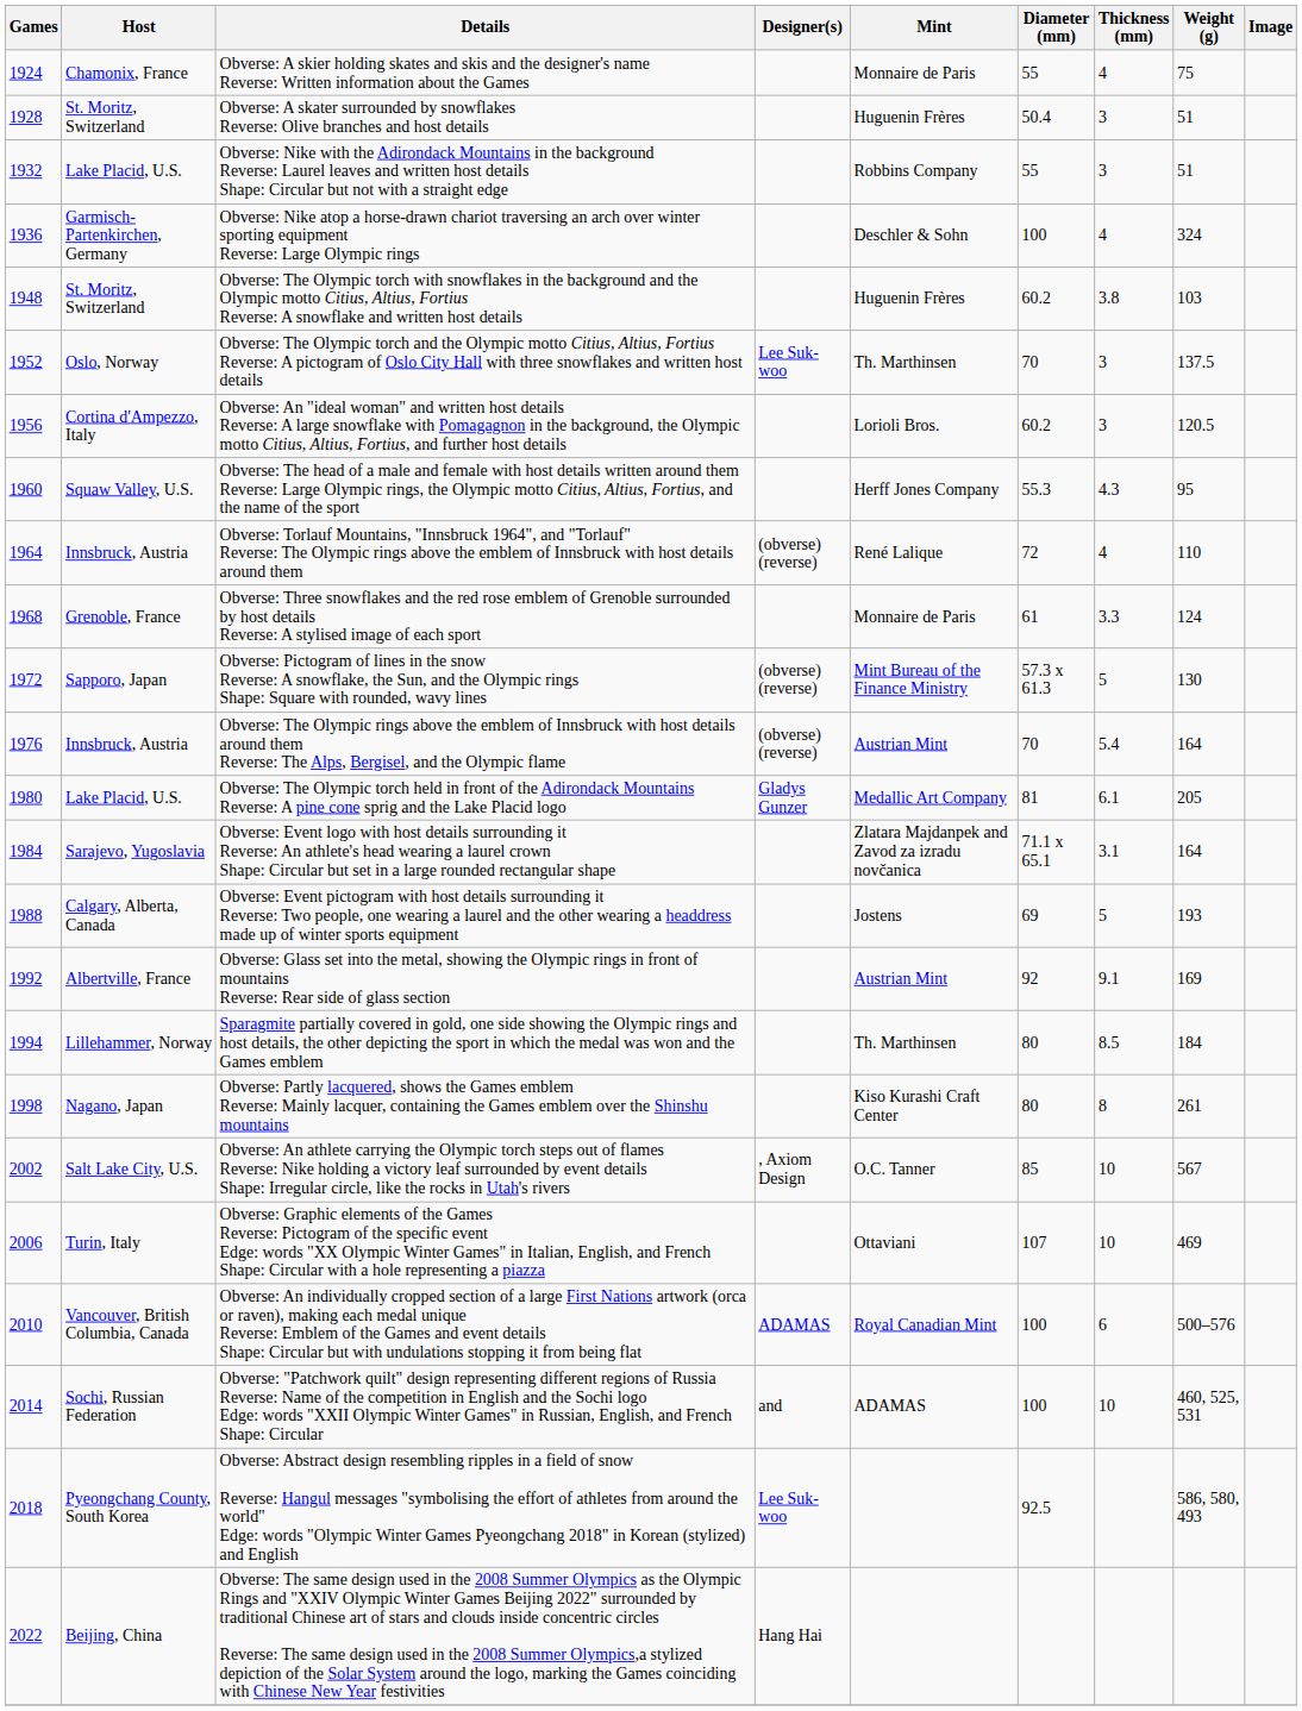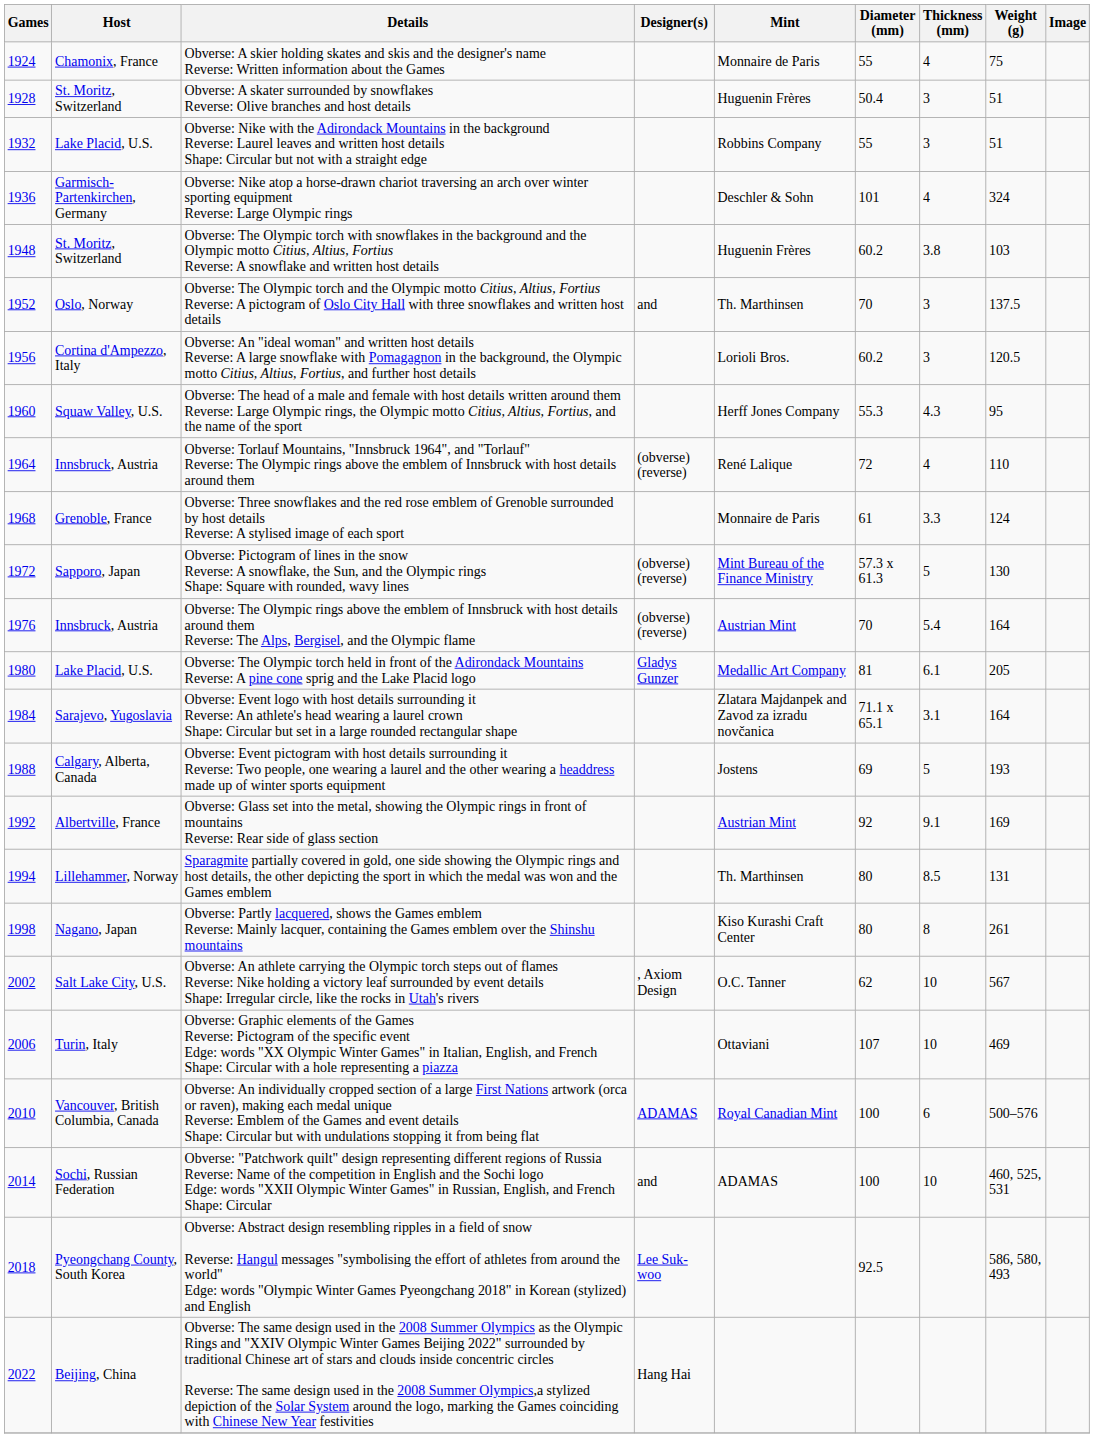 <table class="wikitable sortable">
 <tr>
 <th scope="col">Games</th>
 <th scope="col">Host</th>
 <th scope="col" class="unsortable">Details</th>
 <th scope="col">Designer(s)</th>
 <th scope="col">Mint</th>
 <th scope="col">Diameter<br>(mm)</th>
 <th scope="col">Thickness<br>(mm)</th>
 <th scope="col">Weight<br>(g)</th>
 <th>Image</th>
 </tr>
 <tr>
 <td><a href='#'>1924</a></td>
 <td><a href='#'>Chamonix</a>, France</td>
 <td>Obverse: A skier holding skates and skis and the designer's name<br>Reverse: Written information about the Games<br></td>
 <td></td>
 <td>Monnaire de Paris</td>
 <td>55</td>
 <td>4</td>
 <td>75</td>
 <td></td>
 </tr>
 <tr>
 <td><a href='#'>1928</a></td>
 <td><a href='#'>St. Moritz</a>, Switzerland</td>
 <td>Obverse: A skater surrounded by snowflakes<br>Reverse: Olive branches and host details</td>
 <td></td>
 <td>Huguenin Frères</td>
 <td>50.4</td>
 <td>3</td>
 <td>51</td>
 <td></td>
 </tr>
 <tr>
 <td><a href='#'>1932</a></td>
 <td><a href='#'>Lake Placid</a>, U.S.</td>
 <td>Obverse: Nike with the <a href='#'>Adirondack Mountains</a> in the background<br>Reverse: Laurel leaves and written host details<br>Shape: Circular but not with a straight edge</td>
 <td></td>
 <td>Robbins Company</td>
 <td>55</td>
 <td>3</td>
 <td>51</td>
 <td></td>
 </tr>
 <tr>
 <td><a href='#'>1936</a></td>
 <td><a href='#'>Garmisch-Partenkirchen</a>, Germany</td>
 <td>Obverse: Nike atop a horse-drawn chariot traversing an arch over winter sporting equipment<br>Reverse: Large Olympic rings</td>
 <td></td>
 <td>Deschler & Sohn</td>
-<td>100</td>
+<td>101</td>
 <td>4</td>
 <td>324</td>
 <td></td>
 </tr>
 <tr>
 <td><a href='#'>1948</a></td>
 <td><a href='#'>St. Moritz</a>, Switzerland</td>
 <td>Obverse: The Olympic torch with snowflakes in the background and the Olympic motto <em>Citius, Altius, Fortius</em><br>Reverse: A snowflake and written host details</td>
 <td></td>
 <td>Huguenin Frères</td>
 <td>60.2</td>
 <td>3.8</td>
 <td>103</td>
 <td></td>
 </tr>
 <tr>
 <td><a href='#'>1952</a></td>
 <td><a href='#'>Oslo</a>, Norway</td>
 <td>Obverse: The Olympic torch and the Olympic motto <em>Citius, Altius, Fortius</em><br>Reverse: A pictogram of <a href='#'>Oslo City Hall</a> with three snowflakes and written host details</td>
-<td><a href='#'>Lee Suk-woo</a></td>
+<td> and </td>
 <td>Th. Marthinsen</td>
 <td>70</td>
 <td>3</td>
 <td>137.5</td>
 <td></td>
 </tr>
 <tr>
 <td><a href='#'>1956</a></td>
 <td><a href='#'>Cortina d'Ampezzo</a>, Italy</td>
 <td>Obverse: An "ideal woman" and written host details<br>Reverse: A large snowflake with <a href='#'>Pomagagnon</a> in the background, the Olympic motto <em>Citius, Altius, Fortius</em>, and further host details</td>
 <td></td>
 <td>Lorioli Bros.</td>
 <td>60.2</td>
 <td>3</td>
 <td>120.5</td>
 <td></td>
 </tr>
 <tr>
 <td><a href='#'>1960</a></td>
 <td><a href='#'>Squaw Valley</a>, U.S.</td>
 <td>Obverse: The head of a male and female with host details written around them<br>Reverse: Large Olympic rings, the Olympic motto <em>Citius, Altius, Fortius</em>, and the name of the sport</td>
 <td></td>
 <td>Herff Jones Company</td>
 <td>55.3</td>
 <td>4.3</td>
 <td>95</td>
 <td></td>
 </tr>
 <tr>
 <td><a href='#'>1964</a></td>
 <td><a href='#'>Innsbruck</a>, Austria</td>
 <td>Obverse: Torlauf Mountains, "Innsbruck 1964", and "Torlauf"<br>Reverse: The Olympic rings above the emblem of Innsbruck with host details around them</td>
 <td> (obverse)<br> (reverse)</td>
 <td>René Lalique</td>
 <td>72</td>
 <td>4</td>
 <td>110</td>
 <td></td>
 </tr>
 <tr>
 <td><a href='#'>1968</a></td>
 <td><a href='#'>Grenoble</a>, France</td>
 <td>Obverse: Three snowflakes and the red rose emblem of Grenoble surrounded by host details<br>Reverse: A stylised image of each sport</td>
 <td></td>
 <td>Monnaire de Paris</td>
 <td>61</td>
 <td>3.3</td>
 <td>124</td>
 <td></td>
 </tr>
 <tr>
 <td><a href='#'>1972</a></td>
 <td><a href='#'>Sapporo</a>, Japan</td>
 <td>Obverse: Pictogram of lines in the snow<br>Reverse: A snowflake, the Sun, and the Olympic rings<br>Shape: Square with rounded, wavy lines</td>
 <td> (obverse)<br>  (reverse)</td>
 <td><a href='#'>Mint Bureau of the Finance Ministry</a></td>
 <td>57.3 x 61.3</td>
 <td>5</td>
 <td>130</td>
 <td></td>
 </tr>
 <tr>
 <td><a href='#'>1976</a></td>
 <td><a href='#'>Innsbruck</a>, Austria</td>
 <td>Obverse: The Olympic rings above the emblem of Innsbruck with host details around them<br>Reverse: The <a href='#'>Alps</a>, <a href='#'>Bergisel</a>, and the Olympic flame</td>
 <td> (obverse)<br> (reverse)</td>
 <td><a href='#'>Austrian Mint</a></td>
 <td>70</td>
 <td>5.4</td>
 <td>164</td>
 <td></td>
 </tr>
 <tr>
 <td><a href='#'>1980</a></td>
 <td><a href='#'>Lake Placid</a>, U.S.</td>
 <td>Obverse: The Olympic torch held in front of the <a href='#'>Adirondack Mountains</a><br>Reverse: A <a href='#'>pine cone</a> sprig and the Lake Placid logo</td>
 <td><a href='#'>Gladys Gunzer</a></td>
 <td><a href='#'>Medallic Art Company</a></td>
 <td>81</td>
 <td>6.1</td>
 <td>205</td>
 <td></td>
 </tr>
 <tr>
 <td><a href='#'>1984</a></td>
 <td><a href='#'>Sarajevo</a>, <a href='#'>Yugoslavia</a></td>
 <td>Obverse: Event logo with host details surrounding it<br>Reverse: An athlete's head wearing a laurel crown<br>Shape: Circular but set in a large rounded rectangular shape</td>
 <td></td>
 <td>Zlatara Majdanpek and Zavod za izradu novčanica</td>
 <td>71.1 x 65.1</td>
 <td>3.1</td>
 <td>164</td>
 <td></td>
 </tr>
 <tr>
 <td><a href='#'>1988</a></td>
 <td><a href='#'>Calgary</a>, Alberta, Canada</td>
 <td>Obverse: Event pictogram with host details surrounding it<br>Reverse: Two people, one wearing a laurel and the other wearing a <a href='#'>headdress</a> made up of winter sports equipment</td>
 <td></td>
 <td>Jostens</td>
 <td>69</td>
 <td>5</td>
 <td>193</td>
 <td></td>
 </tr>
 <tr>
 <td><a href='#'>1992</a></td>
 <td><a href='#'>Albertville</a>, France</td>
 <td>Obverse: Glass set into the metal, showing the Olympic rings in front of mountains<br>Reverse: Rear side of glass section</td>
 <td></td>
 <td><a href='#'>Austrian Mint</a></td>
 <td>92</td>
 <td>9.1</td>
 <td>169</td>
 <td></td>
 </tr>
 <tr>
 <td><a href='#'>1994</a></td>
 <td><a href='#'>Lillehammer</a>, Norway</td>
 <td><a href='#'>Sparagmite</a> partially covered in gold, one side showing the Olympic rings and host details, the other depicting the sport in which the medal was won and the Games emblem</td>
 <td></td>
 <td>Th. Marthinsen</td>
 <td>80</td>
 <td>8.5</td>
-<td>184</td>
+<td>131</td>
 <td></td>
 </tr>
 <tr>
 <td><a href='#'>1998</a></td>
 <td><a href='#'>Nagano</a>, Japan</td>
 <td>Obverse: Partly <a href='#'>lacquered</a>, shows the Games emblem<br>Reverse: Mainly lacquer, containing the Games emblem over the <a href='#'>Shinshu mountains</a></td>
 <td></td>
 <td>Kiso Kurashi Craft Center</td>
 <td>80</td>
 <td>8</td>
 <td>261</td>
 <td></td>
 </tr>
 <tr>
 <td><a href='#'>2002</a></td>
 <td><a href='#'>Salt Lake City</a>, U.S.</td>
 <td>Obverse: An athlete carrying the Olympic torch steps out of flames<br>Reverse: Nike holding a victory leaf surrounded by event details<br>Shape: Irregular circle, like the rocks in <a href='#'>Utah</a>'s rivers</td>
 <td>, Axiom Design</td>
 <td>O.C. Tanner</td>
-<td>85</td>
+<td>62</td>
 <td>10</td>
 <td>567</td>
 <td></td>
 </tr>
 <tr>
 <td><a href='#'>2006</a></td>
 <td><a href='#'>Turin</a>, Italy</td>
 <td>Obverse: Graphic elements of the Games<br>Reverse: Pictogram of the specific event<br>Edge: words "XX Olympic Winter Games" in Italian, English, and French<br>Shape: Circular with a hole representing a <a href='#'>piazza</a></td>
 <td></td>
 <td>Ottaviani</td>
 <td>107</td>
 <td>10</td>
 <td>469</td>
 <td></td>
 </tr>
 <tr>
 <td><a href='#'>2010</a></td>
 <td><a href='#'>Vancouver</a>, British Columbia, Canada</td>
 <td>Obverse: An individually cropped section of a large <a href='#'>First Nations</a> artwork (orca or raven), making each medal unique<br>Reverse: Emblem of the Games and event details<br>Shape: Circular but with undulations stopping it from being flat</td>
 <td><a href='#'>ADAMAS</a></td>
 <td><a href='#'>Royal Canadian Mint</a></td>
 <td>100</td>
 <td>6</td>
 <td>500–576</td>
 <td></td>
 </tr>
 <tr>
 <td><a href='#'>2014</a></td>
 <td><a href='#'>Sochi</a>, Russian Federation</td>
 <td>Obverse: "Patchwork quilt" design representing different regions of Russia<br>Reverse: Name of the competition in English and the Sochi logo<br>Edge: words "XXII Olympic Winter Games" in Russian, English, and French<br>Shape: Circular</td>
 <td> and </td>
 <td>ADAMAS</td>
 <td>100</td>
 <td>10</td>
 <td>460, 525, 531</td>
 <td></td>
 </tr>
 <tr>
 <td><a href='#'>2018</a></td>
 <td><a href='#'>Pyeongchang County</a>, South Korea</td>
 <td>Obverse: Abstract design resembling ripples in a field of snow<br><br>Reverse: <a href='#'>Hangul</a> messages "symbolising the effort of athletes from around the world"<br>Edge: words "Olympic Winter Games Pyeongchang 2018" in Korean (stylized) and English</td>
 <td><a href='#'>Lee Suk-woo</a></td>
 <td></td>
 <td>92.5</td>
 <td></td>
 <td>586, 580, 493</td>
 <td></td>
 </tr>
 <tr>
 <td><a href='#'>2022</a></td>
 <td><a href='#'>Beijing</a>, China</td>
 <td>Obverse: The same design used in the <a href='#'>2008 Summer Olympics</a> as the Olympic Rings and "XXIV Olympic Winter Games Beijing 2022" surrounded by traditional Chinese art of stars and clouds inside concentric circles<br><br>Reverse: The same design used in the <a href='#'>2008 Summer Olympics</a>,a stylized depiction of the <a href='#'>Solar System</a> around the logo, marking the Games coinciding with <a href='#'>Chinese New Year</a> festivities</td>
 <td>Hang Hai</td>
 <td></td>
 <td></td>
 <td></td>
 <td></td>
 <td></td>
 </tr>
 <tr>
 </tr>
 </table>
